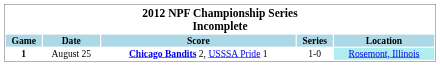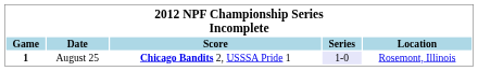 <table cellpadding="1"  style="min-width:45em;text-align:center;font-size:100%; border:1px solid gray;">
 <tr style="font-size:larger;">
 <th colspan=8>2012 NPF Championship Series<br>Incomplete</th>
 </tr>
 <tr style="background:lightblue;">
 <th>Game</th>
 <th>Date</th>
 <th>Score</th>
 <th>Series<br></th>
 <th>Location</th>
 </tr>
 <tr>
 <td><strong>1</strong></td>
 <td>August 25</td>
 <td><strong><a href='#'>Chicago Bandits</a></strong> 2, <a href='#'>USSSA Pride</a> 1</td>
-<td>1-0</td>
-<td style="background: paleturquoise;"><a href='#'>Rosemont, Illinois</a></td>
+<td style="background: lavender;">1-0</td>
+<td><a href='#'>Rosemont, Illinois</a></td>
 </tr>
 </table>
